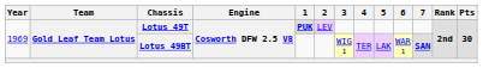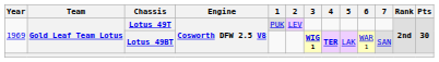 <table class="wikitable" style="text-align:center; font-size:90%">
 <tr>
 <th>Year</th>
 <th>Team</th>
 <th>Chassis</th>
 <th>Engine</th>
 <th>1</th>
 <th>2</th>
 <th>3</th>
 <th>4</th>
 <th>5</th>
 <th>6</th>
 <th>7</th>
 <th>Rank</th>
 <th>Pts</th>
 </tr>
 <tr>
 <td rowspan=2><a href='#'>1969</a></td>
 <th rowspan=2><a href='#'>Gold Leaf Team Lotus</a></th>
 <th><a href='#'>Lotus 49T</a></th>
 <th rowspan=2><a href='#'>Cosworth</a> DFW 2.5 <a href='#'>V8</a></th>
-<td style="background:#DFDFDF;"><strong><a href='#'>PUK</a><br></strong></td>
+<td style="background:#DFDFDF;"><a href='#'>PUK</a><br></td>
 <td style="background:#EFCFFF;"><a href='#'>LEV</a><br></td>
 <td></td>
 <td></td>
 <td></td>
 <td></td>
 <td></td>
 <th rowspan=2 style="background:#DFDFDF;">2nd</th>
 <th rowspan=2 style="background:#DFDFDF;">30</th>
 </tr>
 <tr>
 <th><a href='#'>Lotus 49BT</a></th>
 <td></td>
 <td></td>
-<td style="background:#ffffbf;"><a href='#'>WIG</a><br><small>1</small></td>
-<td style="background:#EFCFFF;"><a href='#'>TER</a><br></td>
+<td style="background:#ffffbf;"><strong><a href='#'>WIG</a><br><small>1</small></strong></td>
+<td style="background:#EFCFFF;"><strong><a href='#'>TER</a><br></strong></td>
 <td style="background:#EFCFFF;"><a href='#'>LAK</a><br></td>
 <td style="background:#ffffbf;"><a href='#'>WAR</a><br><small>1</small></td>
-<td style="background:#DFDFDF;"><strong><a href='#'>SAN</a><br></strong></td>
+<td style="background:#DFDFDF;"><a href='#'>SAN</a><br></td>
 </tr>
 <tr>
 <th colspan="13"></th>
 </tr>
 </table>
